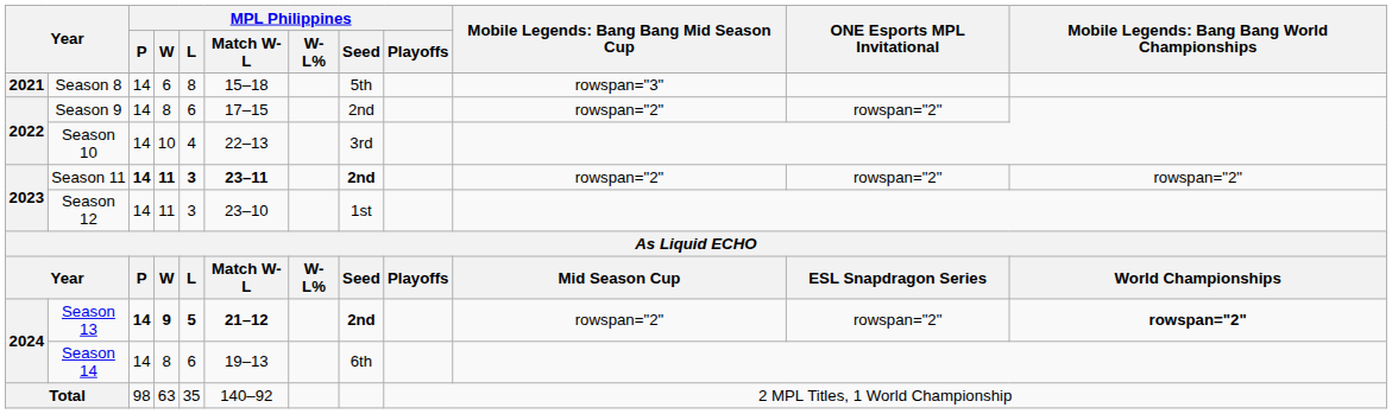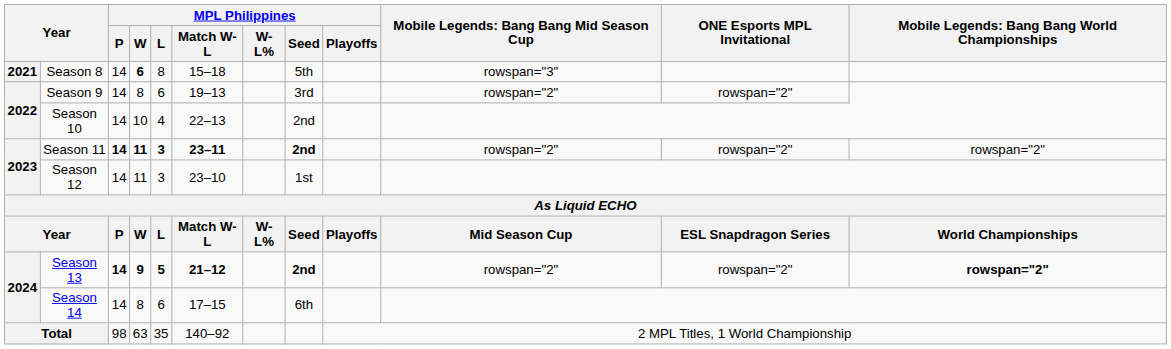 <table class="wikitable" style="text-align: center; margin-left: auto; margin-right: auto; font-size: 90%;">
 <tr>
 <th colspan="2" rowspan="2">Year</th>
 <th colspan="7"><a href='#'>MPL Philippines</a></th>
 <th rowspan="2">Mobile Legends: Bang Bang Mid Season Cup</th>
 <th rowspan="2">ONE Esports MPL Invitational</th>
 <th rowspan="2">Mobile Legends: Bang Bang World Championships</th>
 </tr>
 <tr>
 <th>P</th>
 <th>W</th>
 <th>L</th>
 <th>Match W-L</th>
 <th>W-L%</th>
 <th>Seed</th>
 <th>Playoffs</th>
 </tr>
 <tr>
 <th>2021</th>
 <td>Season 8</td>
 <td>14</td>
-<td>6</td>
+<td><strong>6</strong></td>
 <td>8</td>
 <td>15–18</td>
 <td></td>
 <td>5th</td>
 <td></td>
 <td>rowspan="3" </td>
 <td></td>
 <td></td>
 </tr>
 <tr>
 <th rowspan="2">2022</th>
 <td>Season 9</td>
 <td>14</td>
 <td>8</td>
 <td>6</td>
-<td>17–15</td>
+<td>19–13</td>
 <td></td>
-<td>2nd</td>
+<td>3rd</td>
 <td></td>
 <td>rowspan="2" </td>
 <td>rowspan="2" </td>
 </tr>
 <tr>
 <td>Season 10</td>
 <td>14</td>
 <td>10</td>
 <td>4</td>
 <td>22–13</td>
 <td></td>
-<td>3rd</td>
+<td>2nd</td>
 <td></td>
 </tr>
 <tr>
 <th rowspan="2">2023</th>
 <td>Season 11</td>
 <td><strong>14</strong></td>
 <td><strong>11</strong></td>
 <td><strong>3</strong></td>
 <td><strong>23–11</strong></td>
 <td><strong></strong></td>
 <td><strong>2nd</strong></td>
 <td></td>
 <td>rowspan="2" </td>
 <td>rowspan="2" </td>
 <td>rowspan="2" </td>
 </tr>
 <tr>
 <td>Season 12</td>
 <td>14</td>
 <td>11</td>
 <td>3</td>
 <td>23–10</td>
 <td></td>
 <td>1st</td>
 <td></td>
 </tr>
 <tr>
 <th colspan="12"><em>As Liquid ECHO</em></th>
 </tr>
 <tr>
 <th colspan="2">Year</th>
 <th>P</th>
 <th>W</th>
 <th>L</th>
 <th>Match W-L</th>
 <th>W-L%</th>
 <th>Seed</th>
 <th>Playoffs</th>
 <th>Mid Season Cup</th>
 <th>ESL Snapdragon Series</th>
 <th>World Championships</th>
 </tr>
 <tr>
 <th rowspan="2">2024</th>
 <td><a href='#'>Season 13</a></td>
 <td><strong>14</strong></td>
 <td><strong>9</strong></td>
 <td><strong>5</strong></td>
 <td><strong>21–12</strong></td>
 <td><strong></strong></td>
 <td><strong>2nd</strong></td>
 <td></td>
 <td>rowspan="2" </td>
 <td>rowspan="2" </td>
 <td><strong>rowspan="2" </strong></td>
 </tr>
 <tr>
 <td><a href='#'>Season 14</a></td>
 <td>14</td>
 <td>8</td>
 <td>6</td>
-<td>19–13</td>
+<td>17–15</td>
 <td></td>
 <td>6th</td>
 <td></td>
 </tr>
 <tr>
 <th colspan="2">Total</th>
 <td>98</td>
 <td>63</td>
 <td>35</td>
 <td>140–92</td>
 <td></td>
 <td></td>
 <td colspan="4">2 MPL Titles, 1 World Championship</td>
 </tr>
 </table>
